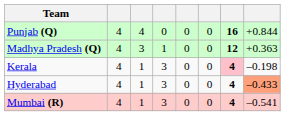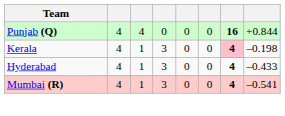 <table class="wikitable" style="text-align:center">
 <tr>
 <th style="width:140px;">Team</th>
 <th style="width:25px;"></th>
 <th style="width:25px;"></th>
 <th style="width:25px;"></th>
 <th style="width:25px;"></th>
 <th style="width:25px;"></th>
 <th style="width:25px;"></th>
 <th style="width:40px;"></th>
 </tr>
 <tr style="background:#cfc;">
 <td style="text-align:left"><a href='#'>Punjab</a> <strong>(Q)</strong></td>
 <td>4</td>
 <td>4</td>
 <td>0</td>
 <td>0</td>
 <td>0</td>
 <td><strong>16</strong></td>
 <td>+0.844</td>
 </tr>
-<tr style="background:#cfc;">
-<td style="text-align:left"><a href='#'>Madhya Pradesh</a> <strong>(Q)</strong></td>
-<td>4</td>
-<td>3</td>
-<td>1</td>
-<td>0</td>
-<td>0</td>
-<td><strong>12</strong></td>
-<td>+0.363</td>
-</tr>
 <tr>
 <td style="text-align:left"><a href='#'>Kerala</a></td>
 <td>4</td>
 <td>1</td>
 <td>3</td>
 <td>0</td>
 <td>0</td>
 <td style="background: pink;"><strong>4</strong></td>
 <td>–0.198</td>
 </tr>
 <tr>
 <td style="text-align:left"><a href='#'>Hyderabad</a></td>
 <td>4</td>
 <td>1</td>
 <td>3</td>
 <td>0</td>
 <td>0</td>
 <td><strong>4</strong></td>
-<td style="background: lightsalmon;">–0.433</td>
+<td>–0.433</td>
 </tr>
 <tr style="background:#FFCCCC">
 <td style="text-align:left"><a href='#'>Mumbai</a> <strong>(R)</strong></td>
 <td>4</td>
 <td>1</td>
 <td>3</td>
 <td>0</td>
 <td>0</td>
 <td><strong>4</strong></td>
 <td>–0.541</td>
 </tr>
 </table>
